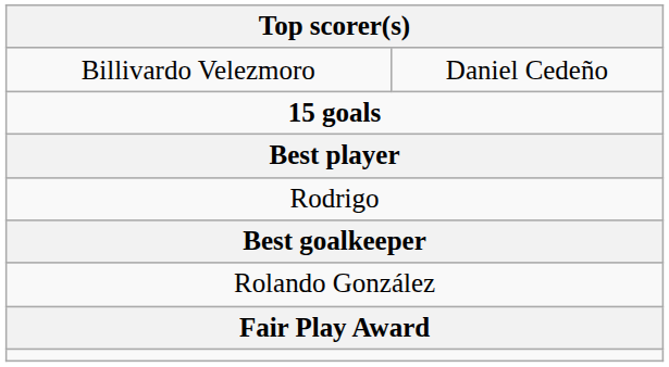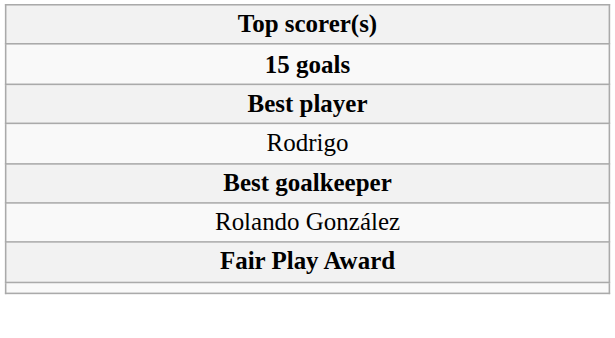 <table class="wikitable" style="margin: 1em auto 1em auto;">
 <tr>
 <th width=380 colspan=2>Top scorer(s)</th>
-</tr>
-<tr align=center style="background:">
-<td style="text-align:center;"> Billivardo Velezmoro</td>
-<td style="text-align:center;"> Daniel Cedeño</td>
 </tr>
 <tr>
 <td style="text-align:center;" colspan=2><strong>15 goals</strong></td>
 </tr>
 <tr>
 <th colspan=2>Best player</th>
 </tr>
 <tr>
 <td style="text-align:center;" colspan=2> Rodrigo</td>
 </tr>
 <tr>
 <th colspan=2>Best goalkeeper</th>
 </tr>
 <tr>
 <td style="text-align:center;" colspan=2> Rolando González</td>
 </tr>
 <tr>
 <th colspan=2>Fair Play Award</th>
 </tr>
 <tr>
 <td style="text-align:center;" colspan=2></td>
 </tr>
 </table>
